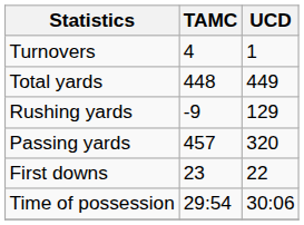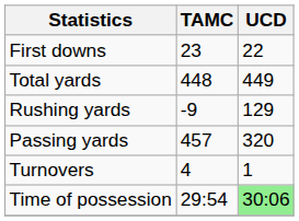 <table class="wikitable" style="float: left;">
 <tr>
 <th>Statistics</th>
 <th>TAMC</th>
 <th>UCD</th>
 </tr>
 <tr>
-<td>Turnovers</td>
-<td>4</td>
-<td>1</td>
+<td>First downs</td>
+<td>23</td>
+<td>22</td>
 </tr>
 <tr>
 <td>Total yards</td>
 <td>448</td>
 <td>449</td>
 </tr>
 <tr>
 <td>Rushing yards</td>
 <td>-9</td>
 <td>129</td>
 </tr>
 <tr>
 <td>Passing yards</td>
 <td>457</td>
 <td>320</td>
 </tr>
 <tr>
-<td>First downs</td>
-<td>23</td>
-<td>22</td>
+<td>Turnovers</td>
+<td>4</td>
+<td>1</td>
 </tr>
 <tr>
 <td>Time of possession</td>
 <td>29:54</td>
-<td>30:06</td>
+<td style="background: lightgreen;">30:06</td>
 </tr>
 <tr>
 </tr>
 </table>
